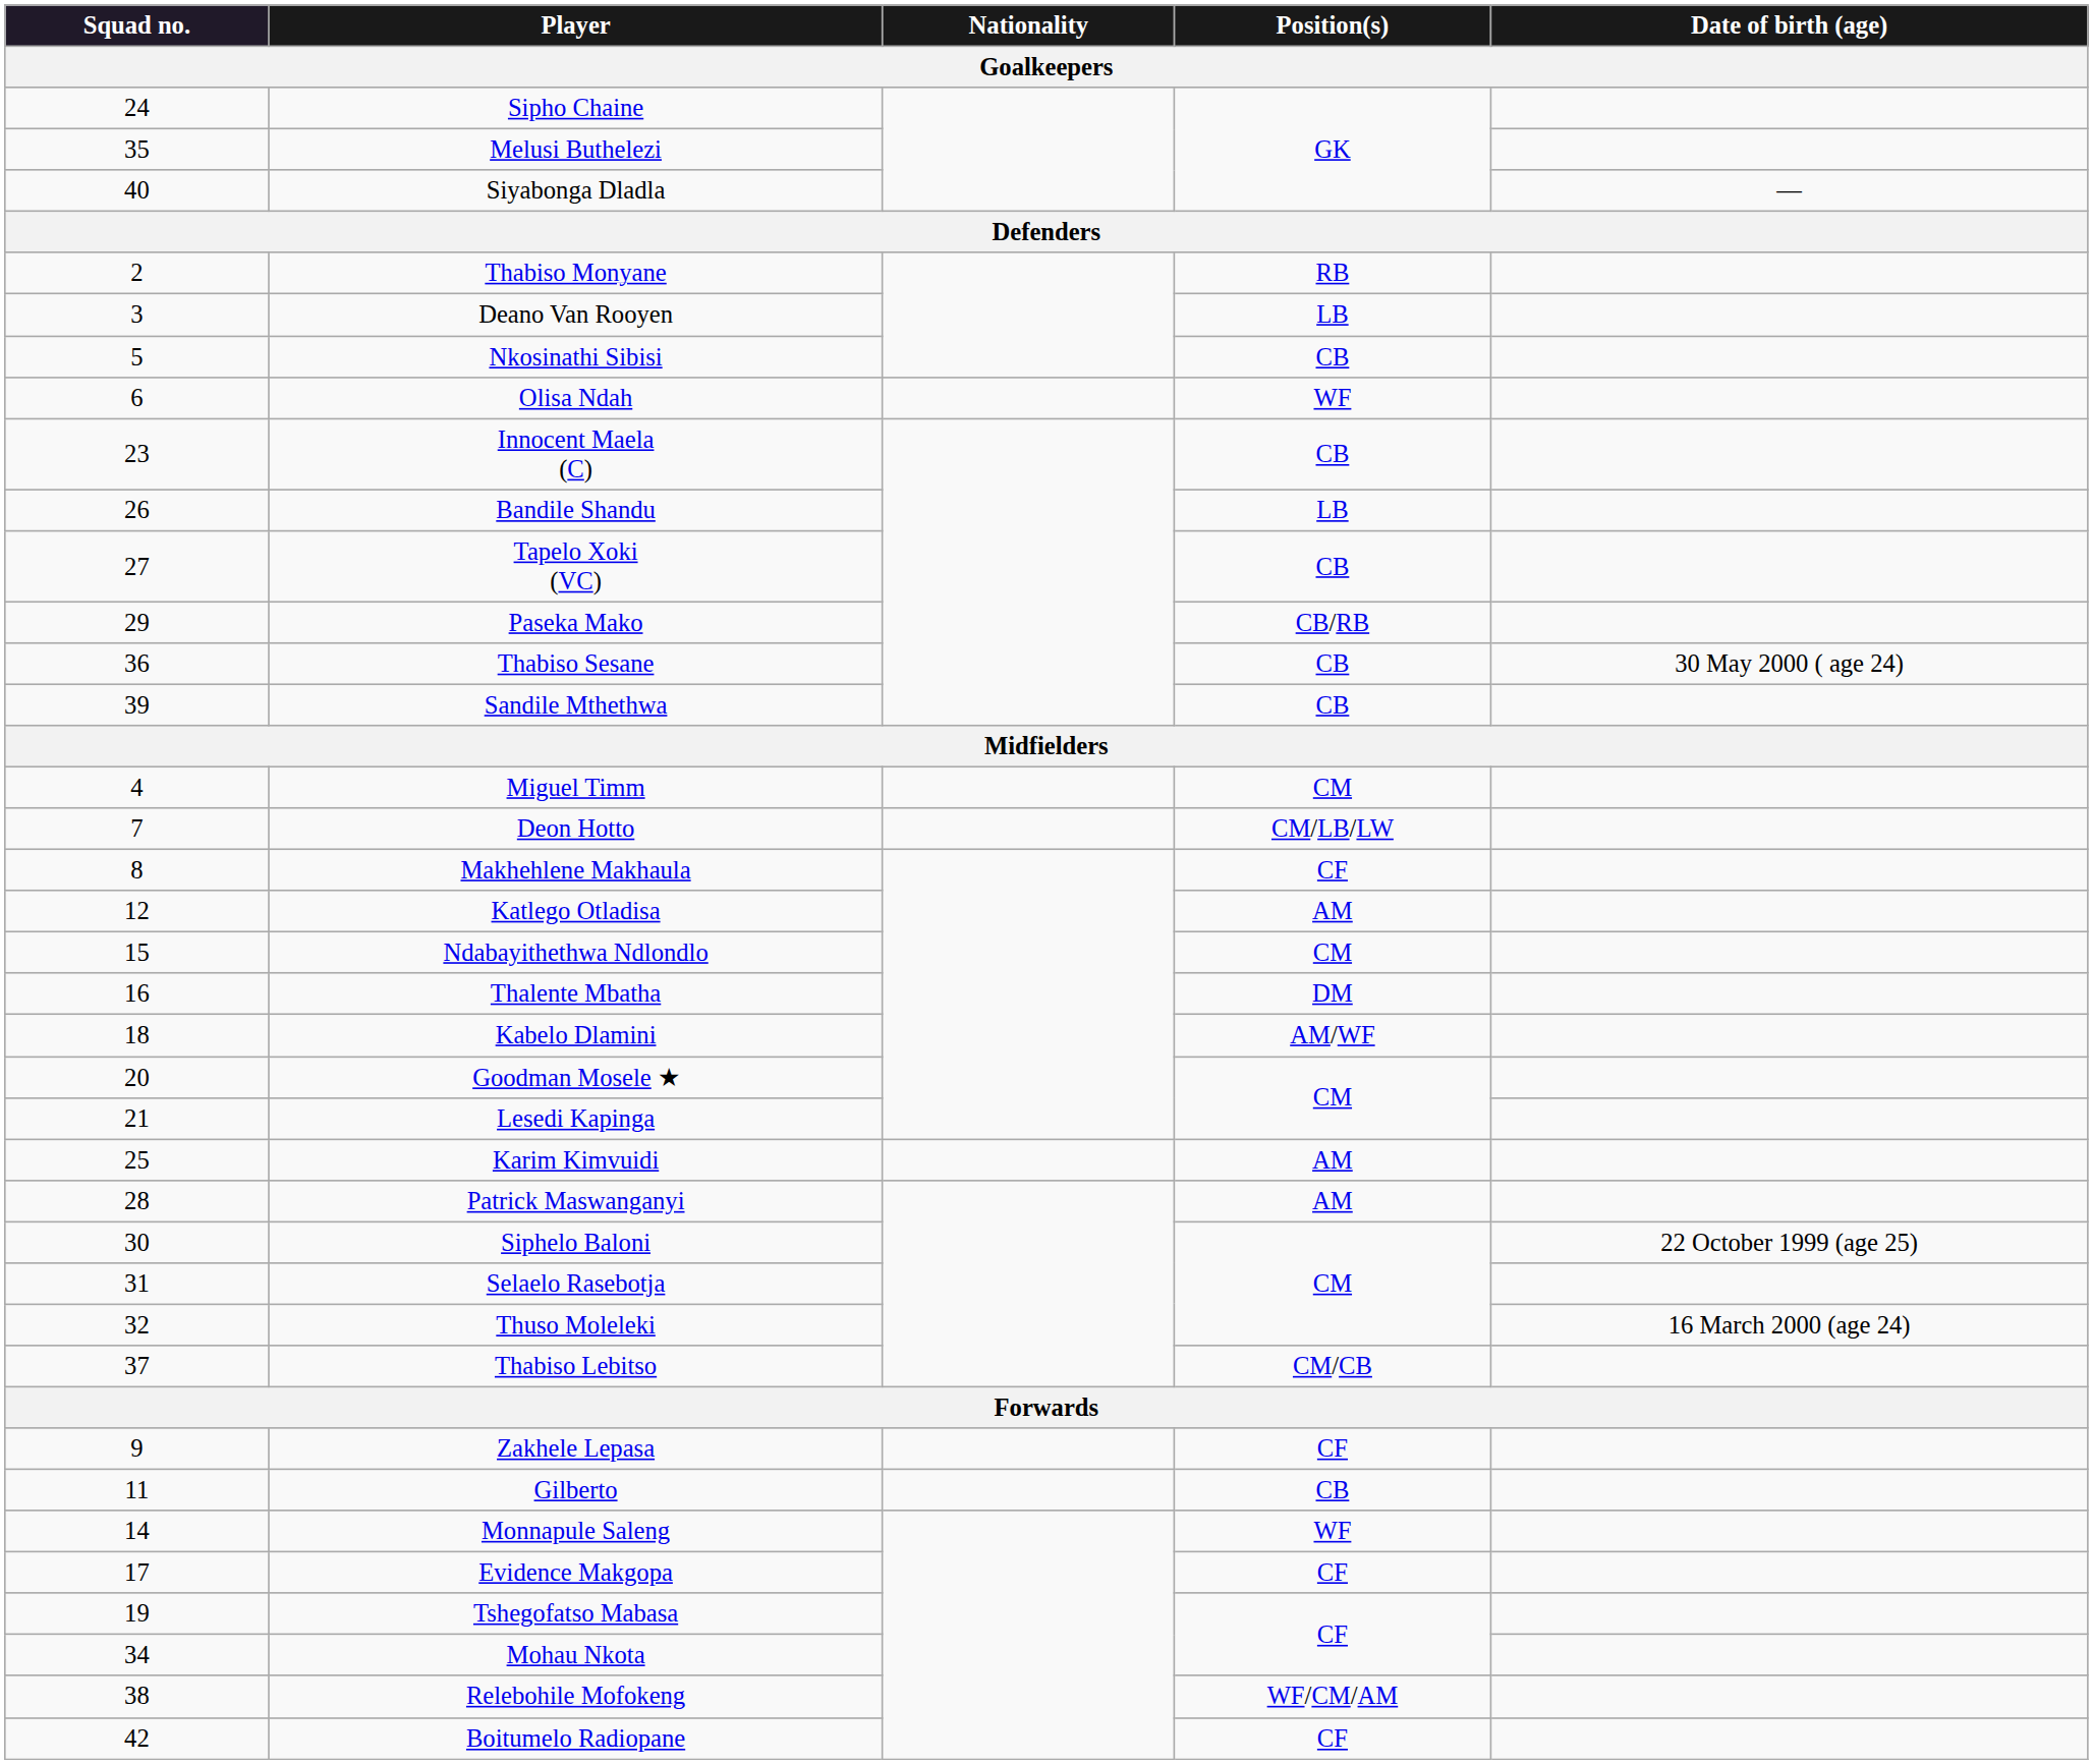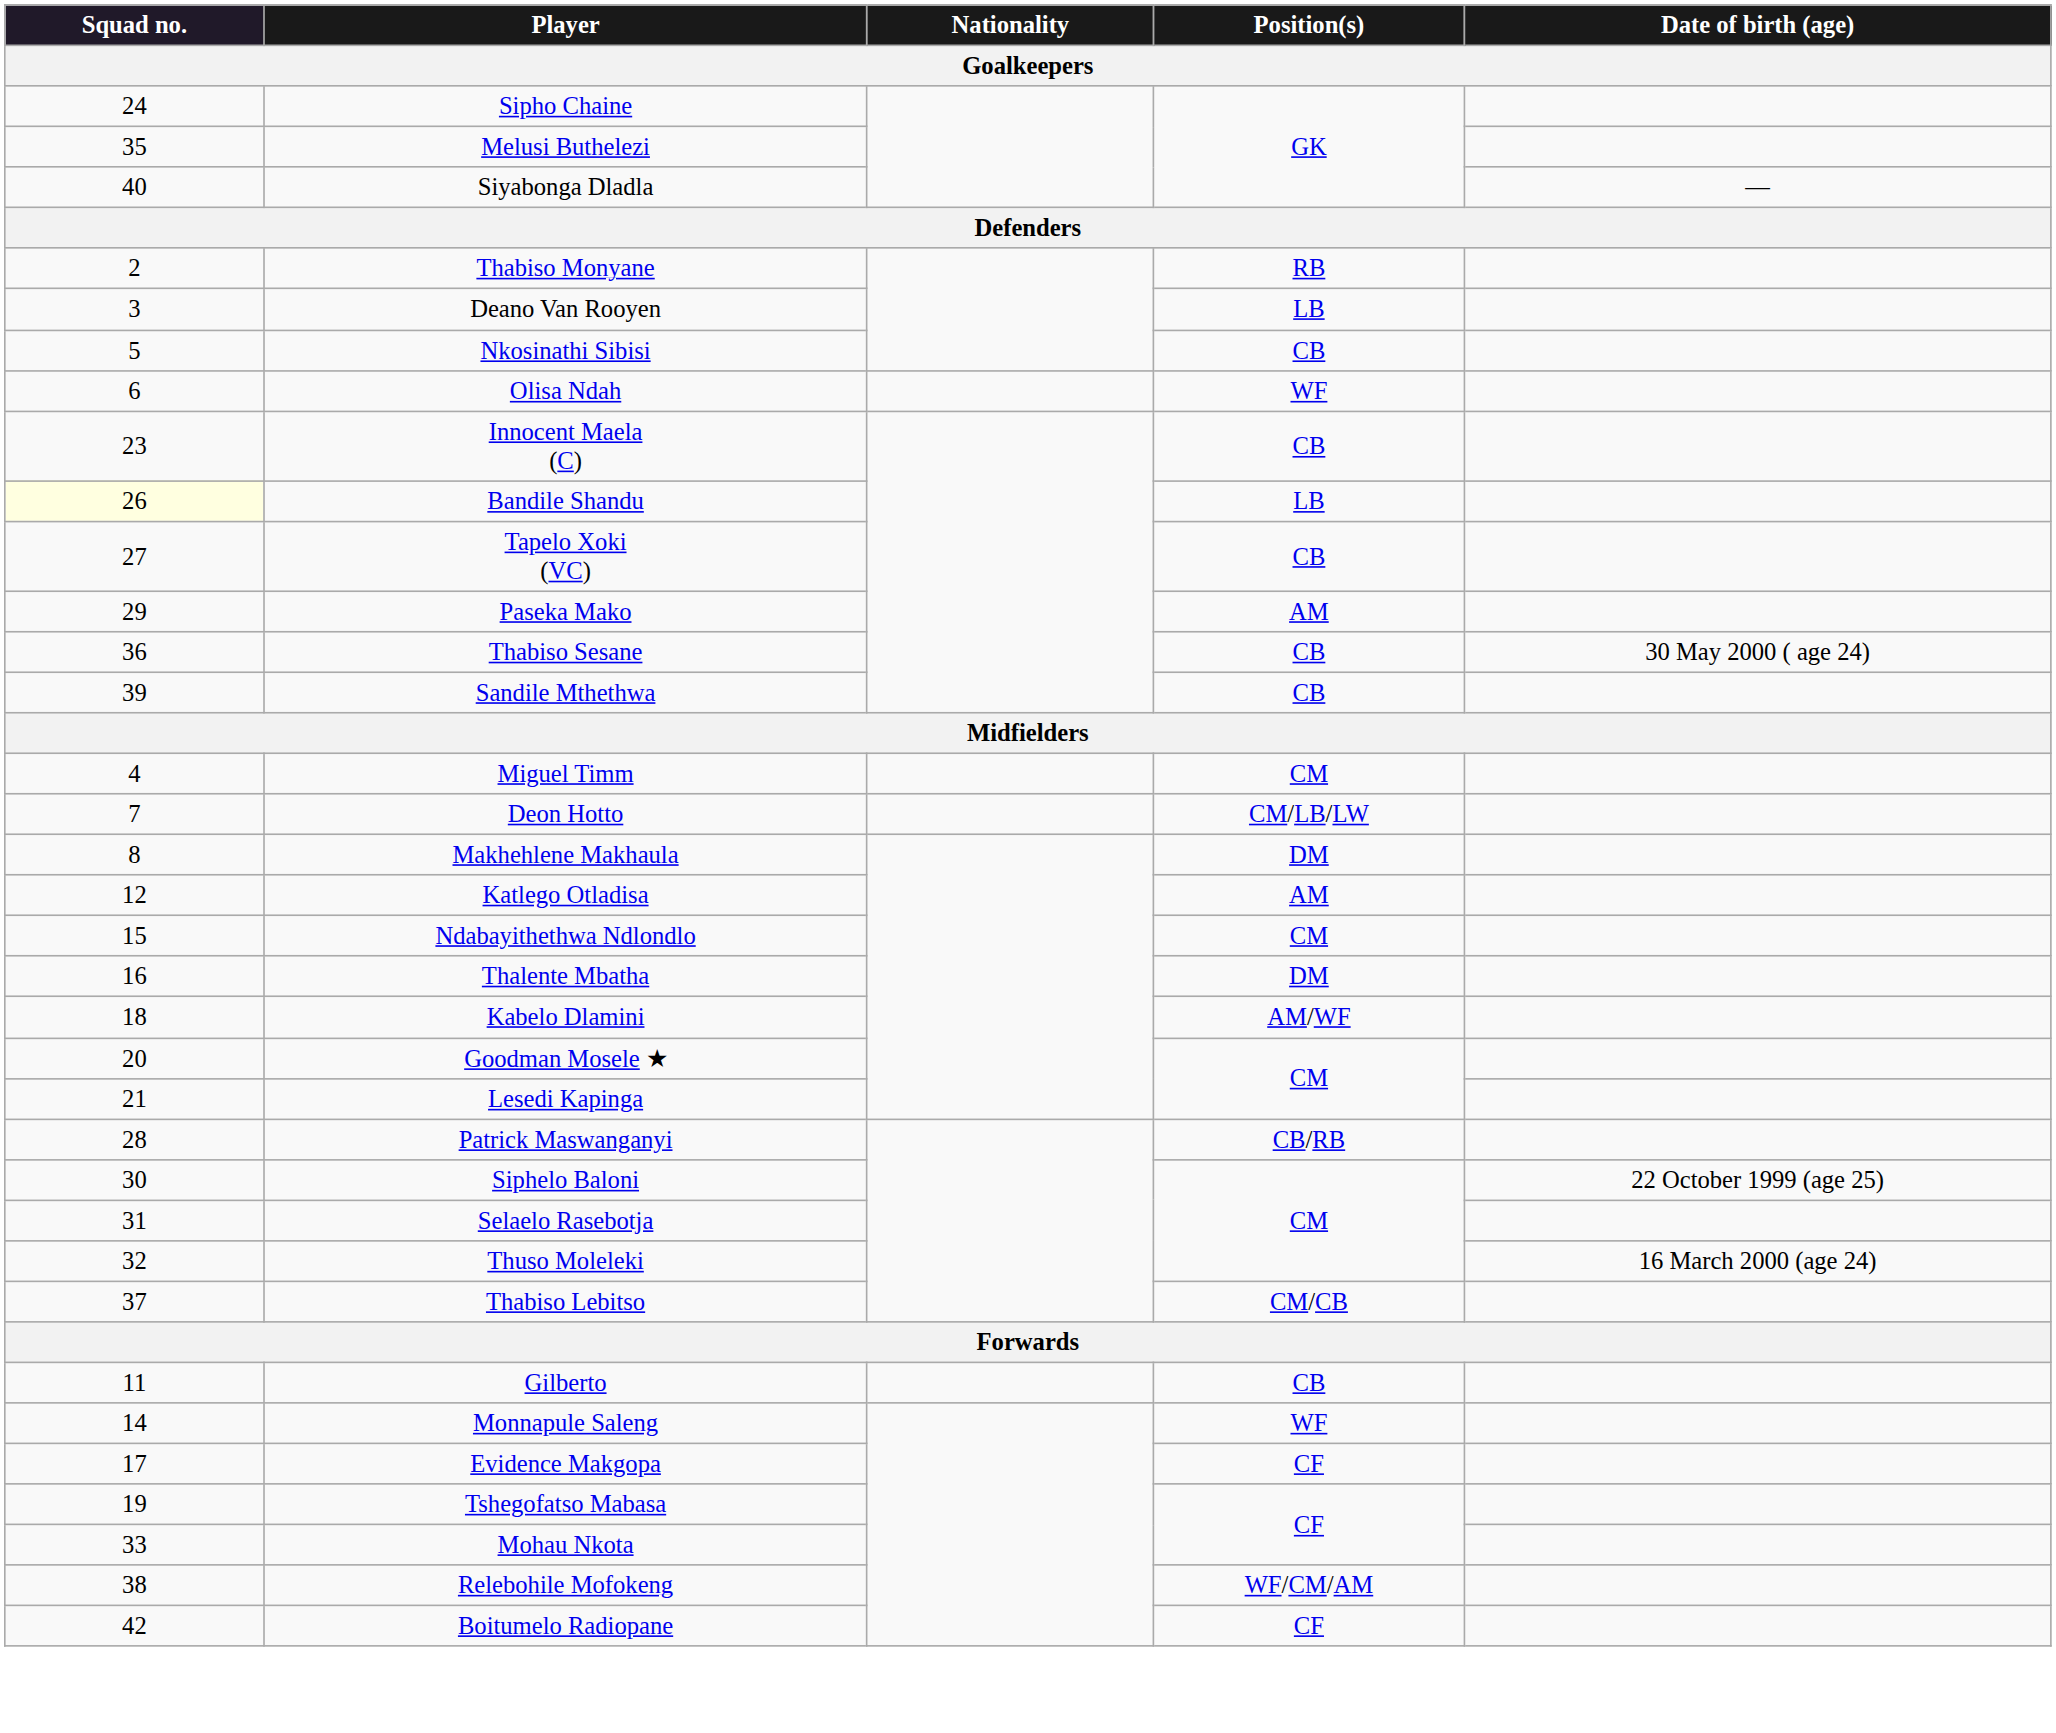 <table class="wikitable sortable" style="text-align:center;font-size:95%;width:100%">
 <tr>
 <th style="background:#201929;color:white;text-align:center;">Squad no.</th>
 <th style="background:#191919;color:white;text-align:center;">Player</th>
 <th style="background:#191919;color:white;text-align:center;">Nationality</th>
 <th style="background:#191919;color:white;text-align:center;">Position(s)</th>
 <th style="background:#191919;color:white;text-align:center;">Date of birth (age)</th>
 </tr>
 <tr>
 <th colspan="5">Goalkeepers</th>
 </tr>
 <tr>
 <td>24</td>
 <td><a href='#'>Sipho Chaine</a></td>
 <td rowspan="3"></td>
 <td rowspan="3"><a href='#'>GK</a></td>
 <td></td>
 </tr>
 <tr>
 <td>35</td>
 <td><a href='#'>Melusi Buthelezi</a></td>
 <td></td>
 </tr>
 <tr>
 <td>40</td>
 <td>Siyabonga Dladla</td>
 <td>—</td>
 </tr>
 <tr>
 <th colspan="5">Defenders</th>
 </tr>
 <tr>
 <td>2</td>
 <td><a href='#'>Thabiso Monyane</a></td>
 <td rowspan="3"></td>
 <td><a href='#'>RB</a></td>
 <td></td>
 </tr>
 <tr>
 <td>3</td>
 <td>Deano Van Rooyen</td>
 <td><a href='#'>LB</a></td>
 <td></td>
 </tr>
 <tr>
 <td>5</td>
 <td><a href='#'>Nkosinathi Sibisi</a></td>
 <td><a href='#'>CB</a></td>
 <td></td>
 </tr>
 <tr>
 <td>6</td>
 <td><a href='#'>Olisa Ndah</a></td>
 <td></td>
 <td><a href='#'>WF</a></td>
 <td></td>
 </tr>
 <tr>
 <td>23</td>
 <td><a href='#'>Innocent Maela</a><br>(<a href='#'>C</a>)</td>
 <td rowspan="6"></td>
 <td><a href='#'>CB</a></td>
 <td></td>
 </tr>
 <tr>
-<td>26</td>
+<td style="background: lightyellow;">26</td>
 <td><a href='#'>Bandile Shandu</a></td>
 <td><a href='#'>LB</a></td>
 <td></td>
 </tr>
 <tr>
 <td>27</td>
 <td><a href='#'>Tapelo Xoki</a><br>(<a href='#'>VC</a>)</td>
 <td><a href='#'>CB</a></td>
 <td></td>
 </tr>
 <tr>
 <td>29</td>
 <td><a href='#'>Paseka Mako</a></td>
-<td><a href='#'>CB</a>/<a href='#'>RB</a></td>
+<td><a href='#'>AM</a></td>
 <td></td>
 </tr>
 <tr>
 <td>36</td>
 <td><a href='#'>Thabiso Sesane</a></td>
 <td><a href='#'>CB</a></td>
 <td>30 May 2000 ( age 24)</td>
 </tr>
 <tr>
 <td>39</td>
 <td><a href='#'>Sandile Mthethwa</a></td>
 <td><a href='#'>CB</a></td>
 <td></td>
 </tr>
 <tr>
 <th colspan="5">Midfielders</th>
 </tr>
 <tr>
 <td>4</td>
 <td><a href='#'>Miguel Timm</a></td>
 <td></td>
 <td><a href='#'>CM</a></td>
 <td></td>
 </tr>
 <tr>
 <td>7</td>
 <td><a href='#'>Deon Hotto</a></td>
 <td></td>
 <td><a href='#'>CM</a>/<a href='#'>LB</a>/<a href='#'>LW</a></td>
 <td></td>
 </tr>
 <tr>
 <td>8</td>
 <td><a href='#'>Makhehlene Makhaula</a></td>
 <td rowspan="7"></td>
-<td><a href='#'>CF</a></td>
+<td><a href='#'>DM</a></td>
 <td></td>
 </tr>
 <tr>
 <td>12</td>
 <td><a href='#'>Katlego Otladisa</a></td>
 <td><a href='#'>AM</a></td>
 <td></td>
 </tr>
 <tr>
 <td>15</td>
 <td><a href='#'>Ndabayithethwa Ndlondlo</a></td>
 <td><a href='#'>CM</a></td>
 <td></td>
 </tr>
 <tr>
 <td>16</td>
 <td><a href='#'>Thalente Mbatha</a></td>
 <td><a href='#'>DM</a></td>
 <td></td>
 </tr>
 <tr>
 <td>18</td>
 <td><a href='#'>Kabelo Dlamini</a></td>
 <td><a href='#'>AM</a>/<a href='#'>WF</a></td>
 <td></td>
 </tr>
 <tr>
 <td>20</td>
 <td><a href='#'>Goodman Mosele</a> ★</td>
 <td rowspan="2"><a href='#'>CM</a></td>
 <td></td>
 </tr>
 <tr>
 <td>21</td>
 <td><a href='#'>Lesedi Kapinga</a></td>
 <td></td>
 </tr>
 <tr>
-<td>25</td>
-<td><a href='#'>Karim Kimvuidi</a></td>
-<td></td>
-<td><a href='#'>AM</a></td>
-<td></td>
-</tr>
-<tr>
 <td>28</td>
 <td><a href='#'>Patrick Maswanganyi</a></td>
 <td rowspan="5"></td>
-<td><a href='#'>AM</a></td>
+<td><a href='#'>CB</a>/<a href='#'>RB</a></td>
 <td></td>
 </tr>
 <tr>
 <td>30</td>
 <td><a href='#'>Siphelo Baloni</a></td>
 <td rowspan="3"><a href='#'>CM</a></td>
 <td>22 October 1999 (age 25)</td>
 </tr>
 <tr>
 <td>31</td>
 <td><a href='#'>Selaelo Rasebotja</a></td>
 <td></td>
 </tr>
 <tr>
 <td>32</td>
 <td><a href='#'>Thuso Moleleki</a></td>
 <td>16 March 2000 (age 24)</td>
 </tr>
 <tr>
 <td>37</td>
 <td><a href='#'>Thabiso Lebitso</a></td>
 <td><a href='#'>CM</a>/<a href='#'>CB</a></td>
 <td></td>
 </tr>
 <tr>
 <th colspan="5">Forwards</th>
 </tr>
 <tr>
-<td>9</td>
-<td><a href='#'>Zakhele Lepasa</a></td>
-<td></td>
-<td><a href='#'>CF</a></td>
-<td></td>
-</tr>
-<tr>
 <td>11</td>
 <td><a href='#'>Gilberto</a></td>
 <td></td>
 <td><a href='#'>CB</a></td>
 <td></td>
 </tr>
 <tr>
 <td>14</td>
 <td><a href='#'>Monnapule Saleng</a></td>
 <td rowspan="6"></td>
 <td><a href='#'>WF</a></td>
 <td></td>
 </tr>
 <tr>
 <td>17</td>
 <td><a href='#'>Evidence Makgopa</a></td>
 <td><a href='#'>CF</a></td>
 <td></td>
 </tr>
 <tr>
 <td>19</td>
 <td><a href='#'>Tshegofatso Mabasa</a></td>
 <td rowspan="2"><a href='#'>CF</a></td>
 <td></td>
 </tr>
 <tr>
-<td>34</td>
+<td>33</td>
 <td><a href='#'>Mohau Nkota</a></td>
 <td></td>
 </tr>
 <tr>
 <td>38</td>
 <td><a href='#'>Relebohile Mofokeng</a></td>
 <td><a href='#'>WF</a>/<a href='#'>CM</a>/<a href='#'>AM</a></td>
 <td></td>
 </tr>
 <tr>
 <td>42</td>
 <td><a href='#'>Boitumelo Radiopane</a></td>
 <td><a href='#'>CF</a></td>
 <td></td>
 </tr>
 </table>
